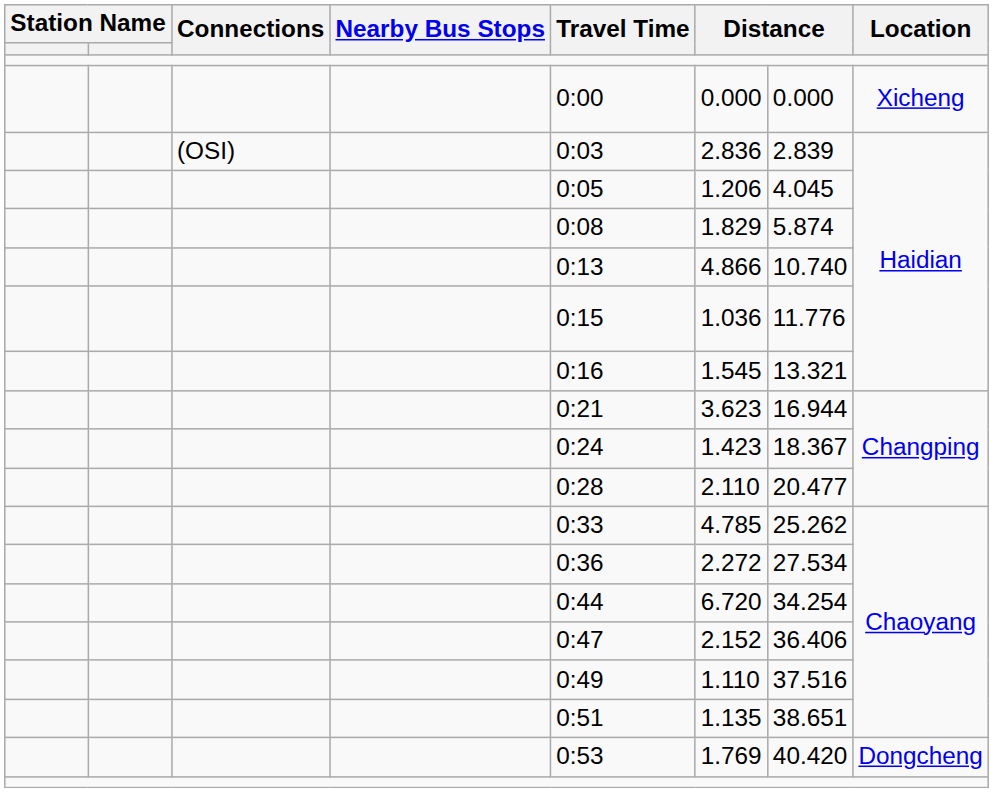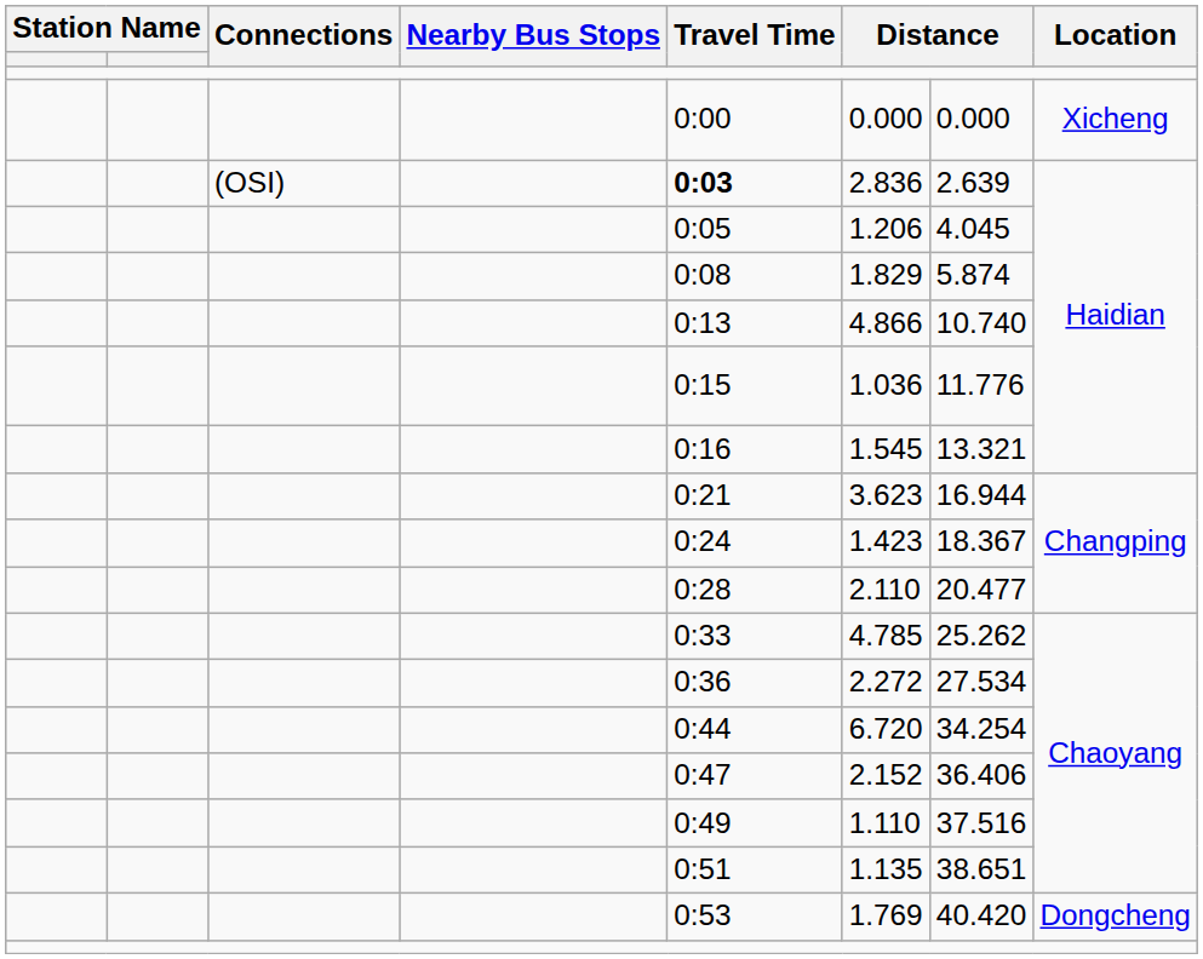 <table class="wikitable" style="margin:1em auto 1em left;">
 <tr>
 <th colspan="2">Station Name</th>
 <th rowspan="2">Connections</th>
 <th rowspan="2"><a href='#'>Nearby Bus Stops</a></th>
 <th rowspan="2">Travel Time</th>
 <th colspan="2" rowspan="2">Distance<br></th>
 <th rowspan="2">Location</th>
 </tr>
 <tr>
 <th></th>
 <th></th>
 </tr>
 <tr style="background:#">
 <td colspan = "9"></td>
 </tr>
 <tr>
 <td></td>
 <td></td>
 <td> <br><br></td>
 <td></td>
 <td>0:00</td>
 <td>0.000</td>
 <td>0.000</td>
 <td style="text-align:center;"><a href='#'>Xicheng</a></td>
 </tr>
 <tr>
 <td></td>
 <td></td>
 <td> (OSI)</td>
 <td></td>
-<td>0:03</td>
+<td><strong>0:03</strong></td>
 <td>2.836</td>
-<td>2.839</td>
+<td>2.639</td>
 <td style="text-align:center;" rowspan="6"><a href='#'>Haidian</a></td>
 </tr>
 <tr>
 <td></td>
 <td></td>
 <td></td>
 <td></td>
 <td>0:05</td>
 <td>1.206</td>
 <td>4.045</td>
 </tr>
 <tr>
 <td></td>
 <td></td>
 <td></td>
 <td></td>
 <td>0:08</td>
 <td>1.829</td>
 <td>5.874</td>
 </tr>
 <tr>
 <td></td>
 <td></td>
 <td></td>
 <td></td>
 <td>0:13</td>
 <td>4.866</td>
 <td>10.740</td>
 </tr>
 <tr>
 <td></td>
 <td></td>
 <td> <br><br></td>
 <td></td>
 <td>0:15</td>
 <td>1.036</td>
 <td>11.776</td>
 </tr>
 <tr>
 <td></td>
 <td></td>
 <td></td>
 <td></td>
 <td>0:16</td>
 <td>1.545</td>
 <td>13.321</td>
 </tr>
 <tr>
 <td></td>
 <td></td>
 <td></td>
 <td></td>
 <td>0:21</td>
 <td>3.623</td>
 <td>16.944</td>
 <td style="text-align:center;" rowspan="3"><a href='#'>Changping</a></td>
 </tr>
 <tr>
 <td></td>
 <td></td>
 <td></td>
 <td></td>
 <td>0:24</td>
 <td>1.423</td>
 <td>18.367</td>
 </tr>
 <tr>
 <td></td>
 <td></td>
 <td><br></td>
 <td></td>
 <td>0:28</td>
 <td>2.110</td>
 <td>20.477</td>
 </tr>
 <tr>
 <td></td>
 <td></td>
 <td></td>
 <td></td>
 <td>0:33</td>
 <td>4.785</td>
 <td>25.262</td>
 <td style="text-align:center;" rowspan="6"><a href='#'>Chaoyang</a></td>
 </tr>
 <tr>
 <td></td>
 <td></td>
 <td></td>
 <td></td>
 <td>0:36</td>
 <td>2.272</td>
 <td>27.534</td>
 </tr>
 <tr>
 <td></td>
 <td></td>
 <td> </td>
 <td></td>
 <td>0:44</td>
 <td>6.720</td>
 <td>34.254</td>
 </tr>
 <tr>
 <td></td>
 <td></td>
 <td></td>
 <td></td>
 <td>0:47</td>
 <td>2.152</td>
 <td>36.406</td>
 </tr>
 <tr>
 <td></td>
 <td></td>
 <td></td>
 <td></td>
 <td>0:49</td>
 <td>1.110</td>
 <td>37.516</td>
 </tr>
 <tr>
 <td></td>
 <td></td>
 <td></td>
 <td></td>
 <td>0:51</td>
 <td>1.135</td>
 <td>38.651</td>
 </tr>
 <tr>
 <td></td>
 <td></td>
 <td> </td>
 <td></td>
 <td>0:53</td>
 <td>1.769</td>
 <td>40.420</td>
 <td style="text-align:center;"><a href='#'>Dongcheng</a></td>
 </tr>
 <tr style="background:#">
 <td colspan = "9"></td>
 </tr>
 </table>
